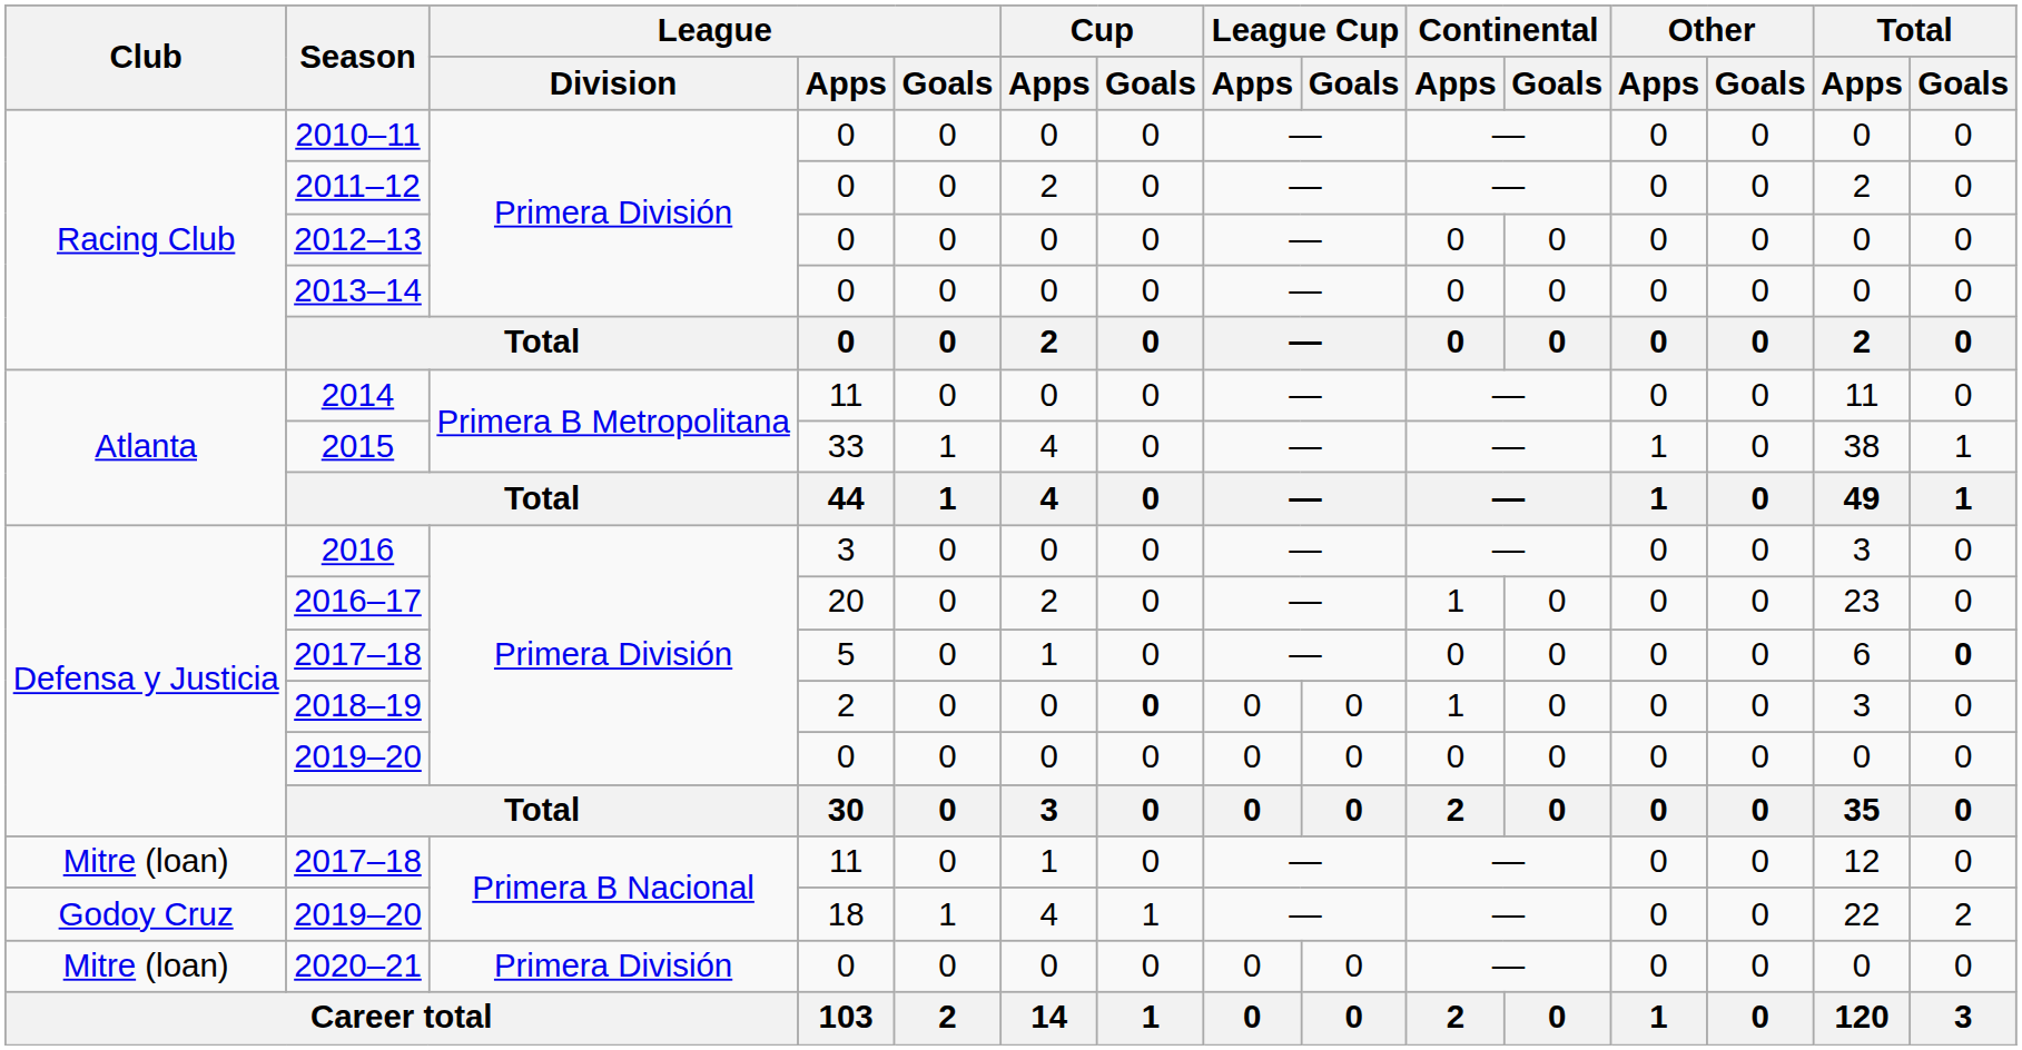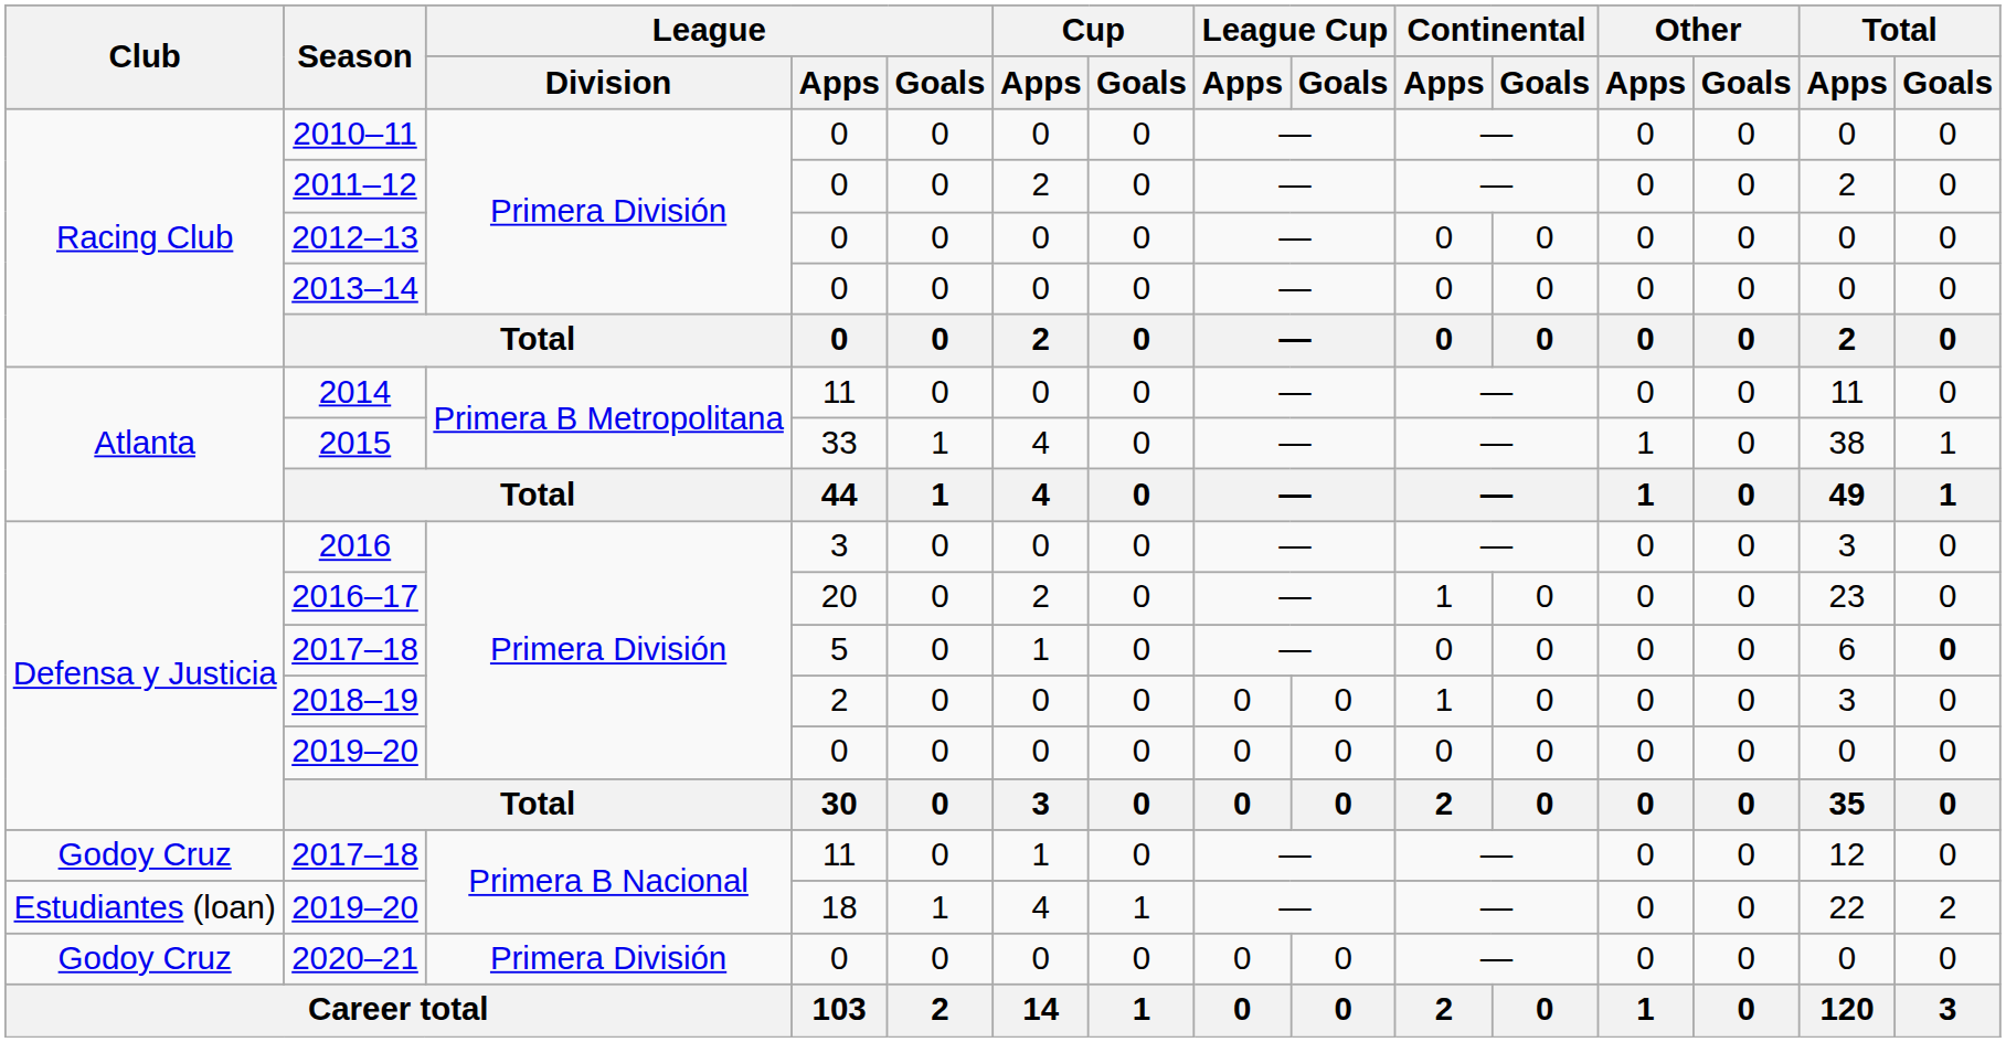 <table class="wikitable" style="text-align:center">
 <tr>
 <th rowspan="2">Club</th>
 <th rowspan="2">Season</th>
 <th colspan="3">League</th>
 <th colspan="2">Cup</th>
 <th colspan="2">League Cup</th>
 <th colspan="2">Continental</th>
 <th colspan="2">Other</th>
 <th colspan="2">Total</th>
 </tr>
 <tr>
 <th>Division</th>
 <th>Apps</th>
 <th>Goals</th>
 <th>Apps</th>
 <th>Goals</th>
 <th>Apps</th>
 <th>Goals</th>
 <th>Apps</th>
 <th>Goals</th>
 <th>Apps</th>
 <th>Goals</th>
 <th>Apps</th>
 <th>Goals</th>
 </tr>
 <tr>
 <td rowspan="5"><a href='#'>Racing Club</a></td>
 <td><a href='#'>2010–11</a></td>
 <td rowspan="4"><a href='#'>Primera División</a></td>
 <td>0</td>
 <td>0</td>
 <td>0</td>
 <td>0</td>
 <td colspan="2">—</td>
 <td colspan="2">—</td>
 <td>0</td>
 <td>0</td>
 <td>0</td>
 <td>0</td>
 </tr>
 <tr>
 <td><a href='#'>2011–12</a></td>
 <td>0</td>
 <td>0</td>
 <td>2</td>
 <td>0</td>
 <td colspan="2">—</td>
 <td colspan="2">—</td>
 <td>0</td>
 <td>0</td>
 <td>2</td>
 <td>0</td>
 </tr>
 <tr>
 <td><a href='#'>2012–13</a></td>
 <td>0</td>
 <td>0</td>
 <td>0</td>
 <td>0</td>
 <td colspan="2">—</td>
 <td>0</td>
 <td>0</td>
 <td>0</td>
 <td>0</td>
 <td>0</td>
 <td>0</td>
 </tr>
 <tr>
 <td><a href='#'>2013–14</a></td>
 <td>0</td>
 <td>0</td>
 <td>0</td>
 <td>0</td>
 <td colspan="2">—</td>
 <td>0</td>
 <td>0</td>
 <td>0</td>
 <td>0</td>
 <td>0</td>
 <td>0</td>
 </tr>
 <tr>
 <th colspan="2">Total</th>
 <th>0</th>
 <th>0</th>
 <th>2</th>
 <th>0</th>
 <th colspan="2">—</th>
 <th>0</th>
 <th>0</th>
 <th>0</th>
 <th>0</th>
 <th>2</th>
 <th>0</th>
 </tr>
 <tr>
 <td rowspan="3"><a href='#'>Atlanta</a></td>
 <td><a href='#'>2014</a></td>
 <td rowspan="2"><a href='#'>Primera B Metropolitana</a></td>
 <td>11</td>
 <td>0</td>
 <td>0</td>
 <td>0</td>
 <td colspan="2">—</td>
 <td colspan="2">—</td>
 <td>0</td>
 <td>0</td>
 <td>11</td>
 <td>0</td>
 </tr>
 <tr>
 <td><a href='#'>2015</a></td>
 <td>33</td>
 <td>1</td>
 <td>4</td>
 <td>0</td>
 <td colspan="2">—</td>
 <td colspan="2">—</td>
 <td>1</td>
 <td>0</td>
 <td>38</td>
 <td>1</td>
 </tr>
 <tr>
 <th colspan="2">Total</th>
 <th>44</th>
 <th>1</th>
 <th>4</th>
 <th>0</th>
 <th colspan="2">—</th>
 <th colspan="2">—</th>
 <th>1</th>
 <th>0</th>
 <th>49</th>
 <th>1</th>
 </tr>
 <tr>
 <td rowspan="6"><a href='#'>Defensa y Justicia</a></td>
 <td><a href='#'>2016</a></td>
 <td rowspan="5"><a href='#'>Primera División</a></td>
 <td>3</td>
 <td>0</td>
 <td>0</td>
 <td>0</td>
 <td colspan="2">—</td>
 <td colspan="2">—</td>
 <td>0</td>
 <td>0</td>
 <td>3</td>
 <td>0</td>
 </tr>
 <tr>
 <td><a href='#'>2016–17</a></td>
 <td>20</td>
 <td>0</td>
 <td>2</td>
 <td>0</td>
 <td colspan="2">—</td>
 <td>1</td>
 <td>0</td>
 <td>0</td>
 <td>0</td>
 <td>23</td>
 <td>0</td>
 </tr>
 <tr>
 <td><a href='#'>2017–18</a></td>
 <td>5</td>
 <td>0</td>
 <td>1</td>
 <td>0</td>
 <td colspan="2">—</td>
 <td>0</td>
 <td>0</td>
 <td>0</td>
 <td>0</td>
 <td>6</td>
 <td><strong>0</strong></td>
 </tr>
 <tr>
 <td><a href='#'>2018–19</a></td>
 <td>2</td>
 <td>0</td>
 <td>0</td>
-<td><strong>0</strong></td>
+<td>0</td>
 <td>0</td>
 <td>0</td>
 <td>1</td>
 <td>0</td>
 <td>0</td>
 <td>0</td>
 <td>3</td>
 <td>0</td>
 </tr>
 <tr>
 <td><a href='#'>2019–20</a></td>
 <td>0</td>
 <td>0</td>
 <td>0</td>
 <td>0</td>
 <td>0</td>
 <td>0</td>
 <td>0</td>
 <td>0</td>
 <td>0</td>
 <td>0</td>
 <td>0</td>
 <td>0</td>
 </tr>
 <tr>
 <th colspan="2">Total</th>
 <th>30</th>
 <th>0</th>
 <th>3</th>
 <th>0</th>
 <th>0</th>
 <th>0</th>
 <th>2</th>
 <th>0</th>
 <th>0</th>
 <th>0</th>
 <th>35</th>
 <th>0</th>
 </tr>
 <tr>
-<td rowspan="1"><a href='#'>Mitre</a> (loan)</td>
+<td rowspan="1"><a href='#'>Godoy Cruz</a></td>
 <td><a href='#'>2017–18</a></td>
 <td rowspan="2"><a href='#'>Primera B Nacional</a></td>
 <td>11</td>
 <td>0</td>
 <td>1</td>
 <td>0</td>
 <td colspan="2">—</td>
 <td colspan="2">—</td>
 <td>0</td>
 <td>0</td>
 <td>12</td>
 <td>0</td>
 </tr>
 <tr>
-<td rowspan="1"><a href='#'>Godoy Cruz</a></td>
+<td rowspan="1"><a href='#'>Estudiantes</a> (loan)</td>
 <td><a href='#'>2019–20</a></td>
 <td>18</td>
 <td>1</td>
 <td>4</td>
 <td>1</td>
 <td colspan="2">—</td>
 <td colspan="2">—</td>
 <td>0</td>
 <td>0</td>
 <td>22</td>
 <td>2</td>
 </tr>
 <tr>
-<td rowspan="1"><a href='#'>Mitre</a> (loan)</td>
+<td rowspan="1"><a href='#'>Godoy Cruz</a></td>
 <td><a href='#'>2020–21</a></td>
 <td rowspan="1"><a href='#'>Primera División</a></td>
 <td>0</td>
 <td>0</td>
 <td>0</td>
 <td>0</td>
 <td>0</td>
 <td>0</td>
 <td colspan="2">—</td>
 <td>0</td>
 <td>0</td>
 <td>0</td>
 <td>0</td>
 </tr>
 <tr>
 <th colspan="3">Career total</th>
 <th>103</th>
 <th>2</th>
 <th>14</th>
 <th>1</th>
 <th>0</th>
 <th>0</th>
 <th>2</th>
 <th>0</th>
 <th>1</th>
 <th>0</th>
 <th>120</th>
 <th>3</th>
 </tr>
 </table>
